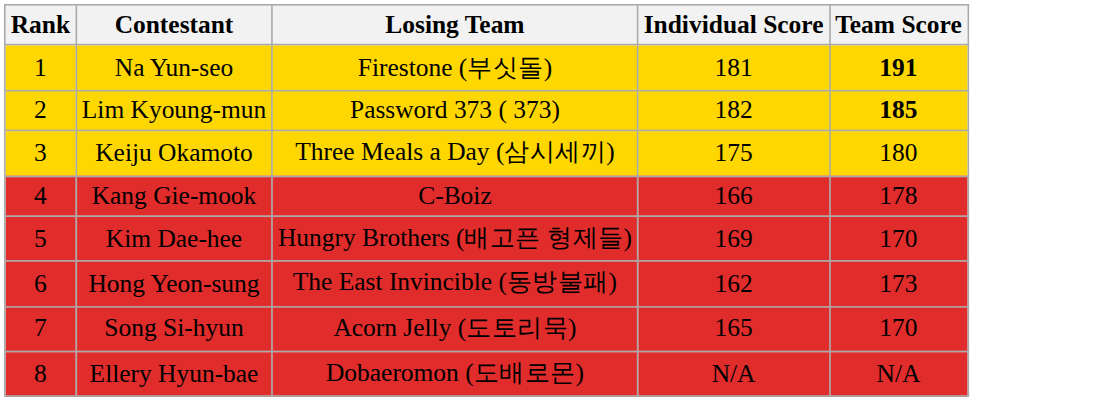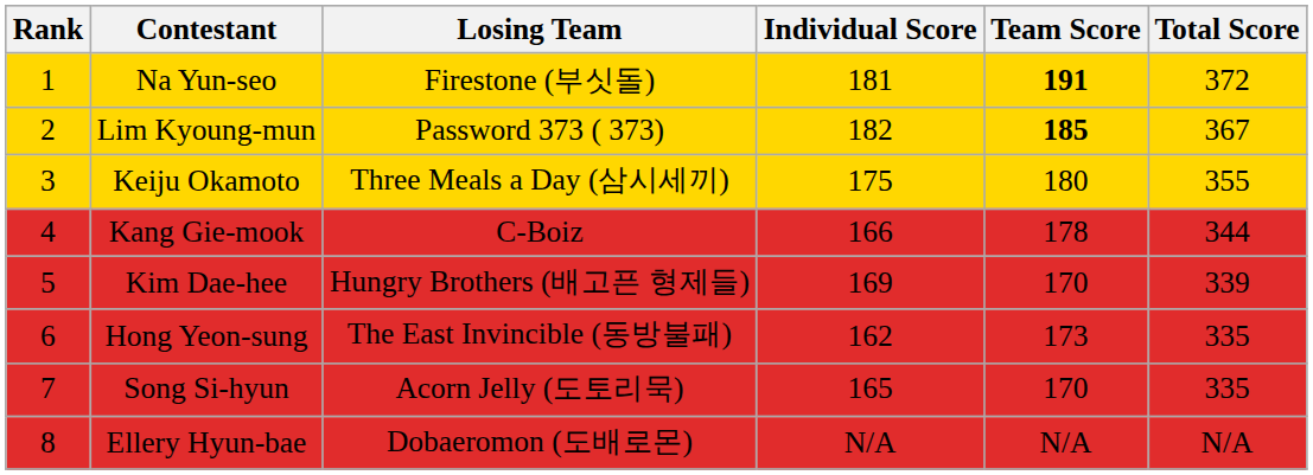 <table class="wikitable" style="text-align:center">
 <tr>
 <th>Rank</th>
 <th>Contestant</th>
 <th>Losing Team</th>
 <th>Individual Score</th>
 <th>Team Score</th>
+<th>Total Score</th>
 </tr>
 <tr style="background:#FFD700;">
 <td>1</td>
 <td>Na Yun-seo</td>
 <td>Firestone (부싯돌)</td>
 <td>181</td>
 <td><strong>191</strong></td>
+<td>372</td>
 </tr>
 <tr style="background:#FFD700;">
 <td>2</td>
 <td>Lim Kyoung-mun</td>
 <td>Password 373 ( 373)</td>
 <td>182</td>
 <td><strong>185</strong></td>
+<td>367</td>
 </tr>
 <tr style="background:#FFD700;">
 <td>3</td>
 <td>Keiju Okamoto</td>
 <td>Three Meals a Day (삼시세끼)</td>
 <td>175</td>
 <td>180</td>
+<td>355</td>
 </tr>
 <tr style="background:#E12C2C;">
 <td>4</td>
 <td>Kang Gie-mook</td>
 <td>C-Boiz</td>
 <td>166</td>
 <td>178</td>
+<td>344</td>
 </tr>
 <tr style="background:#E12C2C;">
 <td>5</td>
 <td>Kim Dae-hee</td>
 <td>Hungry Brothers (배고픈 형제들)</td>
 <td>169</td>
 <td>170</td>
+<td>339</td>
 </tr>
 <tr style="background:#E12C2C;">
 <td>6</td>
 <td>Hong Yeon-sung</td>
 <td>The East Invincible (동방불패)</td>
 <td>162</td>
 <td>173</td>
+<td>335</td>
 </tr>
 <tr style="background:#E12C2C;">
 <td>7</td>
 <td>Song Si-hyun</td>
 <td>Acorn Jelly (도토리묵)</td>
 <td>165</td>
 <td>170</td>
+<td>335</td>
 </tr>
 <tr style="background:#E12C2C;">
 <td>8</td>
 <td>Ellery Hyun-bae</td>
 <td>Dobaeromon (도배로몬)</td>
 <td>N/A</td>
 <td>N/A</td>
+<td>N/A</td>
 </tr>
 </table>
